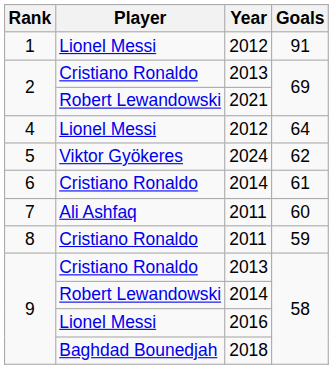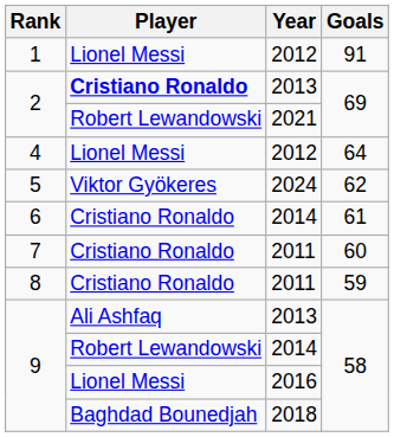 <table class="wikitable">
 <tr>
 <th>Rank</th>
 <th>Player</th>
 <th>Year</th>
 <th>Goals</th>
 </tr>
 <tr>
 <td align="center">1</td>
 <td> <a href='#'>Lionel Messi</a></td>
 <td>2012</td>
 <td align="center">91</td>
 </tr>
 <tr>
 <td rowspan="2" align="center">2</td>
-<td> <a href='#'>Cristiano Ronaldo</a></td>
+<td><strong> <a href='#'>Cristiano Ronaldo</a></strong></td>
 <td>2013</td>
 <td rowspan="2" align="center">69</td>
 </tr>
 <tr>
 <td> <a href='#'>Robert Lewandowski</a></td>
 <td>2021</td>
 </tr>
 <tr>
 <td align="center">4</td>
 <td> <a href='#'>Lionel Messi</a></td>
 <td>2012</td>
 <td align="center">64</td>
 </tr>
 <tr>
 <td align="center">5</td>
 <td> <a href='#'>Viktor Gyökeres</a></td>
 <td>2024</td>
 <td align="center">62</td>
 </tr>
 <tr>
 <td align="center">6</td>
 <td> <a href='#'>Cristiano Ronaldo</a></td>
 <td>2014</td>
 <td align="center">61</td>
 </tr>
 <tr>
 <td align="center">7</td>
-<td> <a href='#'>Ali Ashfaq</a></td>
+<td> <a href='#'>Cristiano Ronaldo</a></td>
 <td>2011</td>
 <td align="center">60</td>
 </tr>
 <tr>
 <td align="center">8</td>
 <td> <a href='#'>Cristiano Ronaldo</a></td>
 <td>2011</td>
 <td align="center">59</td>
 </tr>
 <tr>
 <td rowspan="4" align="center">9</td>
-<td> <a href='#'>Cristiano Ronaldo</a></td>
+<td> <a href='#'>Ali Ashfaq</a></td>
 <td>2013</td>
 <td rowspan="4" align="center">58</td>
 </tr>
 <tr>
 <td> <a href='#'>Robert Lewandowski</a></td>
 <td>2014</td>
 </tr>
 <tr>
 <td> <a href='#'>Lionel Messi</a></td>
 <td>2016</td>
 </tr>
 <tr>
 <td> <a href='#'>Baghdad Bounedjah</a></td>
 <td>2018</td>
 </tr>
 </table>
